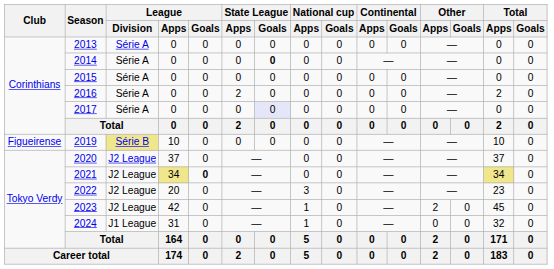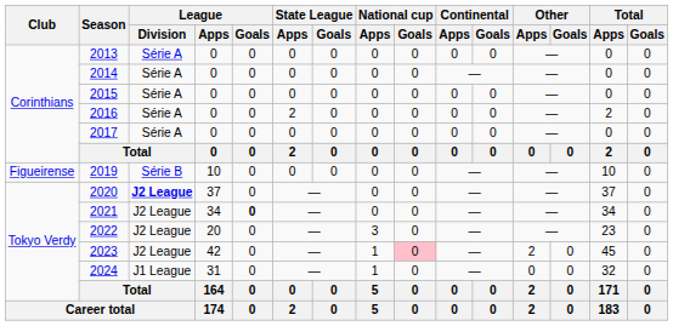 <table class="wikitable" style="text-align: center;">
 <tr>
 <th rowspan="2">Club</th>
 <th rowspan="2">Season</th>
 <th colspan="3">League</th>
 <th colspan="2">State League</th>
 <th colspan="2">National cup</th>
 <th colspan="2">Continental</th>
 <th colspan="2">Other</th>
 <th colspan="2">Total</th>
 </tr>
 <tr>
 <th>Division</th>
 <th>Apps</th>
 <th>Goals</th>
 <th>Apps</th>
 <th>Goals</th>
 <th>Apps</th>
 <th>Goals</th>
 <th>Apps</th>
 <th>Goals</th>
 <th>Apps</th>
 <th>Goals</th>
 <th>Apps</th>
 <th>Goals</th>
 </tr>
 <tr>
 <td rowspan="6"><a href='#'>Corinthians</a></td>
 <td><a href='#'>2013</a></td>
 <td><a href='#'>Série A</a></td>
 <td>0</td>
 <td>0</td>
 <td>0</td>
 <td>0</td>
 <td>0</td>
 <td>0</td>
 <td>0</td>
 <td>0</td>
 <td colspan="2">—</td>
 <td>0</td>
 <td>0</td>
 </tr>
 <tr>
 <td><a href='#'>2014</a></td>
 <td>Série A</td>
 <td>0</td>
 <td>0</td>
 <td>0</td>
-<td><strong>0</strong></td>
+<td>0</td>
 <td>0</td>
 <td>0</td>
 <td colspan="2">—</td>
 <td colspan="2">—</td>
 <td>0</td>
 <td>0</td>
 </tr>
 <tr>
 <td><a href='#'>2015</a></td>
 <td>Série A</td>
 <td>0</td>
 <td>0</td>
 <td>0</td>
 <td>0</td>
 <td>0</td>
 <td>0</td>
 <td>0</td>
 <td>0</td>
 <td colspan="2">—</td>
 <td>0</td>
 <td>0</td>
 </tr>
 <tr>
 <td><a href='#'>2016</a></td>
 <td>Série A</td>
 <td>0</td>
 <td>0</td>
 <td>2</td>
 <td>0</td>
 <td>0</td>
 <td>0</td>
 <td>0</td>
 <td>0</td>
 <td colspan="2">—</td>
 <td>2</td>
 <td>0</td>
 </tr>
 <tr>
 <td><a href='#'>2017</a></td>
 <td>Série A</td>
 <td>0</td>
 <td>0</td>
 <td>0</td>
-<td style="background: lavender;">0</td>
+<td>0</td>
 <td>0</td>
 <td>0</td>
 <td>0</td>
 <td>0</td>
 <td colspan="2">—</td>
 <td>0</td>
 <td>0</td>
 </tr>
 <tr>
 <th colspan="2">Total</th>
 <th>0</th>
 <th>0</th>
 <th>2</th>
 <th>0</th>
 <th>0</th>
 <th>0</th>
 <th>0</th>
 <th>0</th>
 <th>0</th>
 <th>0</th>
 <th>2</th>
 <th>0</th>
 </tr>
 <tr>
 <td><a href='#'>Figueirense</a></td>
 <td><a href='#'>2019</a></td>
-<td style="background: khaki;"><a href='#'>Série B</a></td>
+<td><a href='#'>Série B</a></td>
 <td>10</td>
 <td>0</td>
 <td>0</td>
 <td>0</td>
 <td>0</td>
 <td>0</td>
 <td colspan="2">—</td>
 <td colspan="2">—</td>
 <td>10</td>
 <td>0</td>
 </tr>
 <tr>
 <td rowspan="6"><a href='#'>Tokyo Verdy</a></td>
 <td><a href='#'>2020</a></td>
-<td><a href='#'>J2 League</a></td>
+<td><strong><a href='#'>J2 League</a></strong></td>
 <td>37</td>
 <td>0</td>
 <td colspan="2">—</td>
 <td>0</td>
 <td>0</td>
 <td colspan="2">—</td>
 <td colspan="2">—</td>
 <td>37</td>
 <td>0</td>
 </tr>
 <tr>
 <td><a href='#'>2021</a></td>
 <td>J2 League</td>
-<td style="background: khaki;">34</td>
+<td>34</td>
 <td><strong>0</strong></td>
 <td colspan="2">—</td>
 <td>0</td>
 <td>0</td>
 <td colspan="2">—</td>
 <td colspan="2">—</td>
-<td style="background: khaki;">34</td>
+<td>34</td>
 <td>0</td>
 </tr>
 <tr>
 <td><a href='#'>2022</a></td>
 <td>J2 League</td>
 <td>20</td>
 <td>0</td>
 <td colspan="2">—</td>
 <td>3</td>
 <td>0</td>
 <td colspan="2">—</td>
 <td colspan="2">—</td>
 <td>23</td>
 <td>0</td>
 </tr>
 <tr>
 <td><a href='#'>2023</a></td>
 <td>J2 League</td>
 <td>42</td>
 <td>0</td>
 <td colspan="2">—</td>
 <td>1</td>
-<td>0</td>
+<td style="background: pink;">0</td>
 <td colspan="2">—</td>
 <td>2</td>
 <td>0</td>
 <td>45</td>
 <td>0</td>
 </tr>
 <tr>
 <td><a href='#'>2024</a></td>
 <td>J1 League</td>
 <td>31</td>
 <td>0</td>
 <td colspan="2">—</td>
 <td>1</td>
 <td>0</td>
 <td colspan="2">—</td>
 <td>0</td>
 <td>0</td>
 <td>32</td>
 <td>0</td>
 </tr>
 <tr>
 <th colspan="2">Total</th>
 <th>164</th>
 <th>0</th>
 <th>0</th>
 <th>0</th>
 <th>5</th>
 <th>0</th>
 <th>0</th>
 <th>0</th>
 <th>2</th>
 <th>0</th>
 <th>171</th>
 <th>0</th>
 </tr>
 <tr>
 <th colspan="3">Career total</th>
 <th>174</th>
 <th>0</th>
 <th>2</th>
 <th>0</th>
 <th>5</th>
 <th>0</th>
 <th>0</th>
 <th>0</th>
 <th>2</th>
 <th>0</th>
 <th>183</th>
 <th>0</th>
 </tr>
 </table>
